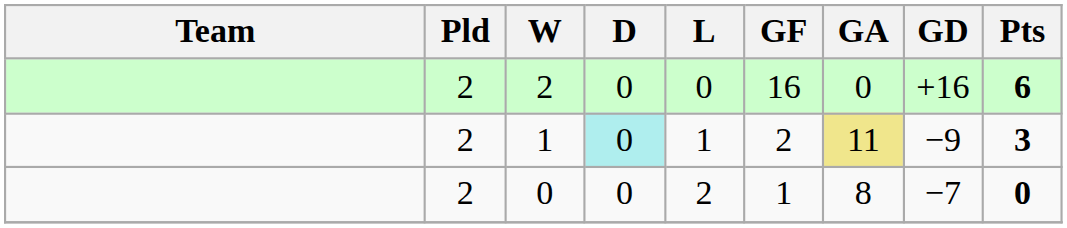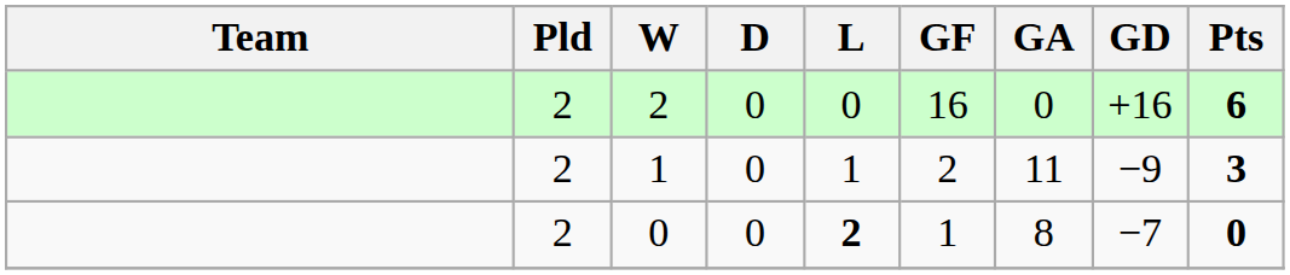 <table class="wikitable" style="text-align: center;">
 <tr>
 <th width="190">Team</th>
 <th width="30">Pld</th>
 <th width="30">W</th>
 <th width="30">D</th>
 <th width="30">L</th>
 <th width="30">GF</th>
 <th width="30">GA</th>
 <th width="30">GD</th>
 <th width="30">Pts</th>
 </tr>
 <tr bgcolor=#ccffcc>
 <td align=left></td>
 <td>2</td>
 <td>2</td>
 <td>0</td>
 <td>0</td>
 <td>16</td>
 <td>0</td>
 <td>+16</td>
 <td><strong>6</strong></td>
 </tr>
 <tr>
 <td align=left></td>
 <td>2</td>
 <td>1</td>
-<td style="background: paleturquoise;">0</td>
+<td>0</td>
 <td>1</td>
 <td>2</td>
-<td style="background: khaki;">11</td>
+<td>11</td>
 <td>−9</td>
 <td><strong>3</strong></td>
 </tr>
 <tr>
 <td align=left></td>
 <td>2</td>
 <td>0</td>
 <td>0</td>
-<td>2</td>
+<td><strong>2</strong></td>
 <td>1</td>
 <td>8</td>
 <td>−7</td>
 <td><strong>0</strong></td>
 </tr>
 <tr>
 </tr>
 </table>
